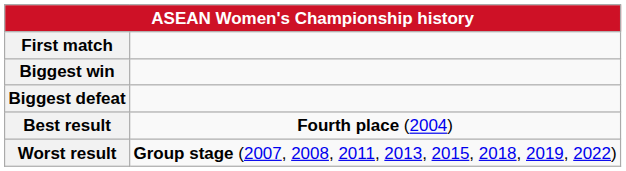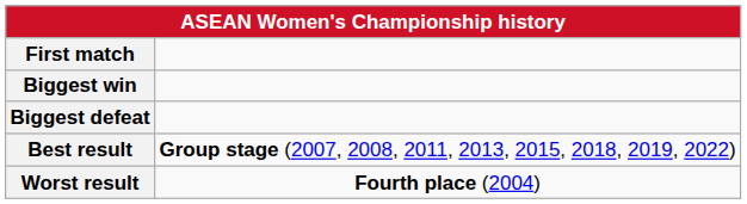 <table class="wikitable collapsible collapsed" style="text-align: center;font-size:90%;">
 <tr>
 <th colspan=6 style="background: #CE1126; color: #FFFFFF;">ASEAN Women's Championship history</th>
 </tr>
 <tr>
 <th style="text-align: center;">First match</th>
 <td></td>
 </tr>
 <tr>
 <th style="text-align: center;">Biggest win</th>
 <td></td>
 </tr>
 <tr>
 <th style="text-align: center;">Biggest defeat</th>
 <td></td>
 </tr>
 <tr>
 <th style="text-align: center;">Best result</th>
-<td style="text-align:center;"><strong>Fourth place</strong> (<a href='#'>2004</a>)</td>
+<td style="text-align:center;"><strong>Group stage</strong> (<a href='#'>2007</a>, <a href='#'>2008</a>, <a href='#'>2011</a>, <a href='#'>2013</a>, <a href='#'>2015</a>, <a href='#'>2018</a>, <a href='#'>2019</a>, <a href='#'>2022</a>)</td>
 </tr>
 <tr>
 <th style="text-align: center;">Worst result</th>
-<td style="text-align:center;"><strong>Group stage</strong> (<a href='#'>2007</a>, <a href='#'>2008</a>, <a href='#'>2011</a>, <a href='#'>2013</a>, <a href='#'>2015</a>, <a href='#'>2018</a>, <a href='#'>2019</a>, <a href='#'>2022</a>)</td>
+<td style="text-align:center;"><strong>Fourth place</strong> (<a href='#'>2004</a>)</td>
 </tr>
 </table>
